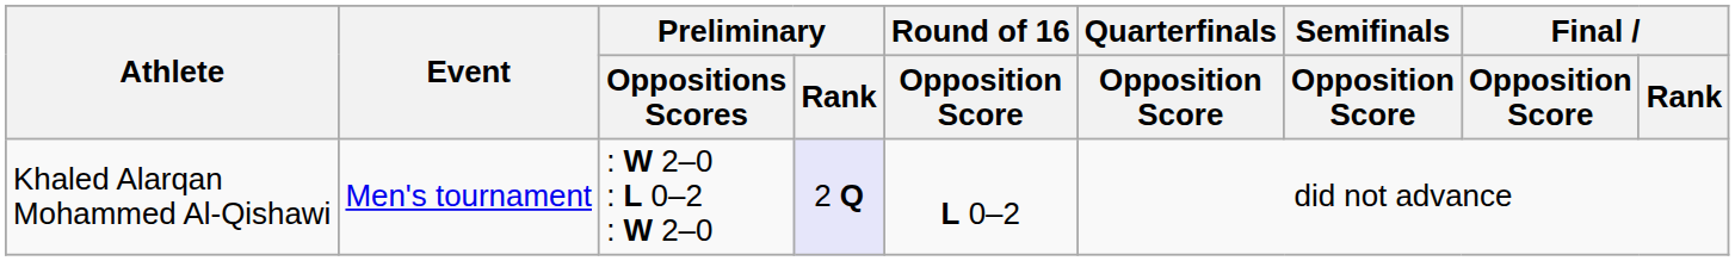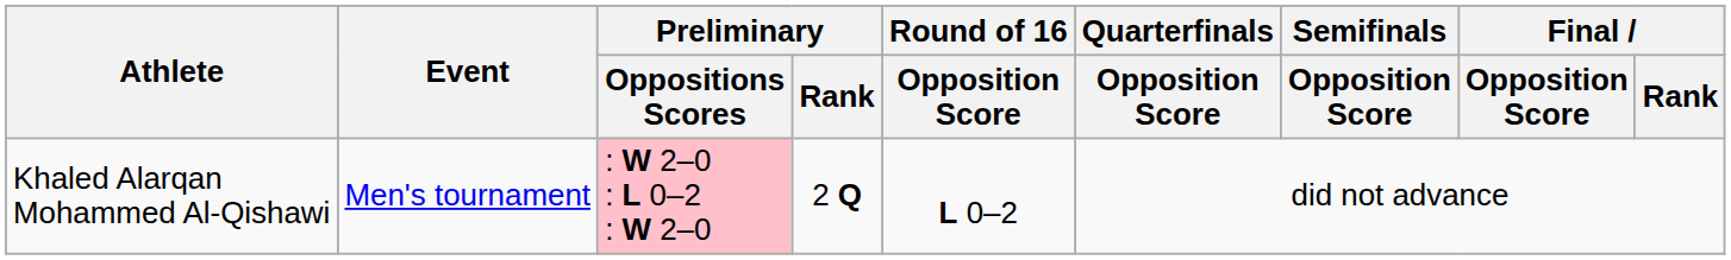 <table class=wikitable style="font-size:90%; text-align:center;">
 <tr>
 <th rowspan=2>Athlete</th>
 <th rowspan=2>Event</th>
 <th colspan=2>Preliminary</th>
 <th>Round of 16</th>
 <th>Quarterfinals</th>
 <th>Semifinals</th>
 <th colspan=2>Final / </th>
 </tr>
 <tr>
 <th>Oppositions<br>Scores</th>
 <th>Rank</th>
 <th>Opposition<br>Score</th>
 <th>Opposition<br>Score</th>
 <th>Opposition<br>Score</th>
 <th>Opposition<br>Score</th>
 <th>Rank</th>
 </tr>
 <tr>
 <td align=left>Khaled Alarqan<br>Mohammed Al-Qishawi</td>
 <td align=left rowspan=2><a href='#'>Men's tournament</a></td>
-<td align=left>: <strong>W</strong> 2–0<br>: <strong>L</strong> 0–2<br>: <strong>W</strong> 2–0</td>
-<td style="background: lavender;">2 <strong>Q</strong></td>
+<td align=left style="background: pink;">: <strong>W</strong> 2–0<br>: <strong>L</strong> 0–2<br>: <strong>W</strong> 2–0</td>
+<td>2 <strong>Q</strong></td>
 <td><br> <strong>L</strong> 0–2</td>
 <td colspan=4>did not advance</td>
 </tr>
 </table>
